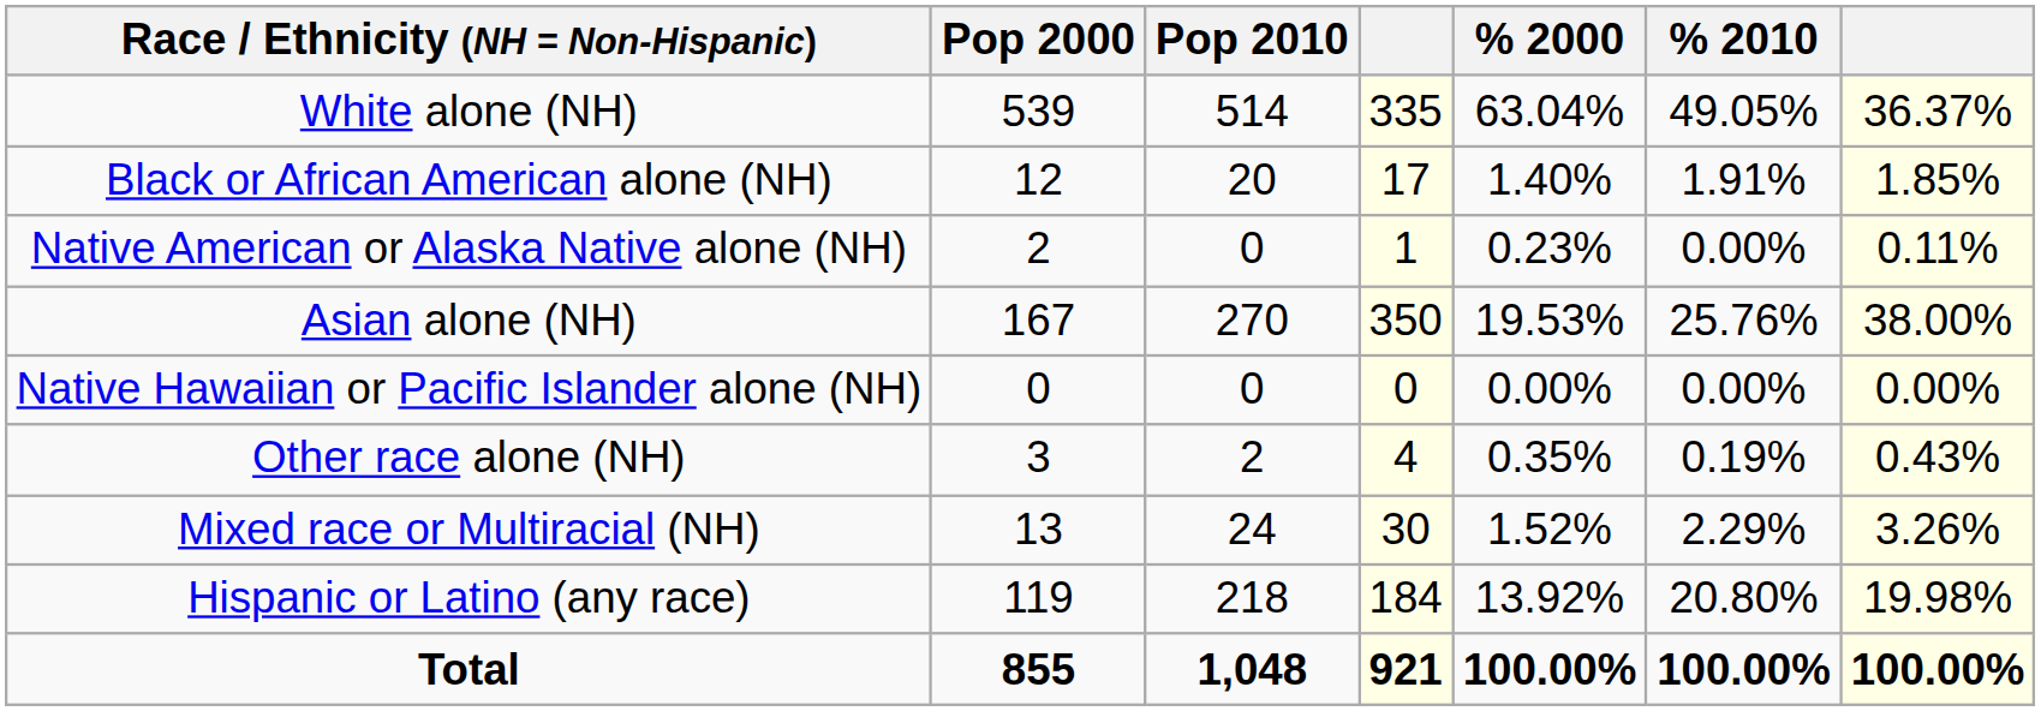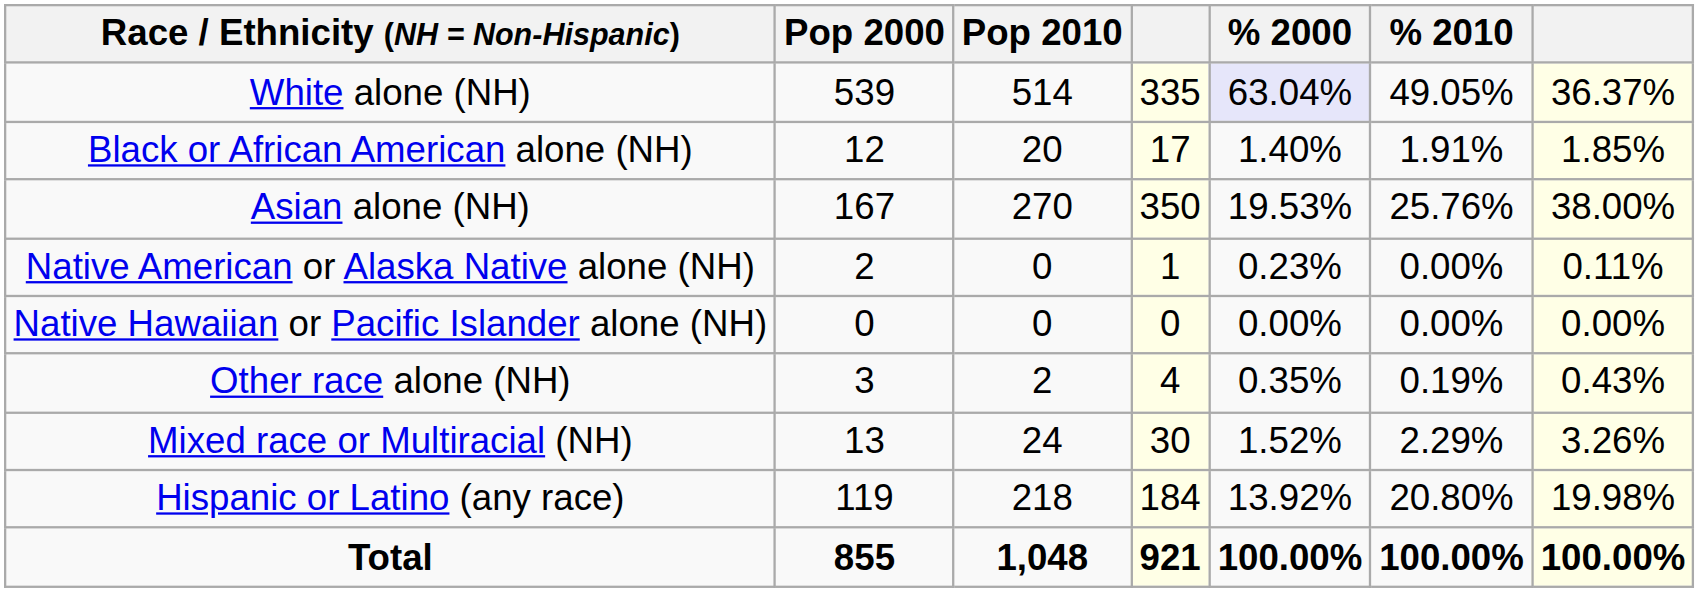 <table class="wikitable" style="text-align:center;">
 <tr>
 <th>Race / Ethnicity <small>(<em>NH = Non-Hispanic</em>)</small></th>
 <th>Pop 2000</th>
 <th>Pop 2010</th>
 <th></th>
 <th>% 2000</th>
 <th>% 2010</th>
 <th></th>
 </tr>
 <tr>
 <td><a href='#'>White</a> alone (NH)</td>
 <td>539</td>
 <td>514</td>
 <td style='background: #ffffe6;'>335</td>
-<td>63.04%</td>
+<td style="background: lavender;">63.04%</td>
 <td>49.05%</td>
 <td style='background: #ffffe6;'>36.37%</td>
 </tr>
 <tr>
 <td><a href='#'>Black or African American</a> alone (NH)</td>
 <td>12</td>
 <td>20</td>
 <td style='background: #ffffe6;'>17</td>
 <td>1.40%</td>
 <td>1.91%</td>
 <td style='background: #ffffe6;'>1.85%</td>
 </tr>
 <tr>
+<td><a href='#'>Asian</a> alone (NH)</td>
+<td>167</td>
+<td>270</td>
+<td style='background: #ffffe6;'>350</td>
+<td>19.53%</td>
+<td>25.76%</td>
+<td style='background: #ffffe6;'>38.00%</td>
+</tr>
+<tr>
 <td><a href='#'>Native American</a> or <a href='#'>Alaska Native</a> alone (NH)</td>
 <td>2</td>
 <td>0</td>
 <td style='background: #ffffe6;'>1</td>
 <td>0.23%</td>
 <td>0.00%</td>
 <td style='background: #ffffe6;'>0.11%</td>
-</tr>
-<tr>
-<td><a href='#'>Asian</a> alone (NH)</td>
-<td>167</td>
-<td>270</td>
-<td style='background: #ffffe6;'>350</td>
-<td>19.53%</td>
-<td>25.76%</td>
-<td style='background: #ffffe6;'>38.00%</td>
 </tr>
 <tr>
 <td><a href='#'>Native Hawaiian</a> or <a href='#'>Pacific Islander</a> alone (NH)</td>
 <td>0</td>
 <td>0</td>
 <td style='background: #ffffe6;'>0</td>
 <td>0.00%</td>
 <td>0.00%</td>
 <td style='background: #ffffe6;'>0.00%</td>
 </tr>
 <tr>
 <td><a href='#'>Other race</a> alone (NH)</td>
 <td>3</td>
 <td>2</td>
 <td style='background: #ffffe6;'>4</td>
 <td>0.35%</td>
 <td>0.19%</td>
 <td style='background: #ffffe6;'>0.43%</td>
 </tr>
 <tr>
 <td><a href='#'>Mixed race or Multiracial</a> (NH)</td>
 <td>13</td>
 <td>24</td>
 <td style='background: #ffffe6;'>30</td>
 <td>1.52%</td>
 <td>2.29%</td>
 <td style='background: #ffffe6;'>3.26%</td>
 </tr>
 <tr>
 <td><a href='#'>Hispanic or Latino</a> (any race)</td>
 <td>119</td>
 <td>218</td>
 <td style='background: #ffffe6;'>184</td>
 <td>13.92%</td>
 <td>20.80%</td>
 <td style='background: #ffffe6;'>19.98%</td>
 </tr>
 <tr>
 <td><strong>Total</strong></td>
 <td><strong>855</strong></td>
 <td><strong>1,048</strong></td>
 <td style='background: #ffffe6;'><strong>921</strong></td>
 <td><strong>100.00%</strong></td>
 <td><strong>100.00%</strong></td>
 <td style='background: #ffffe6;'><strong>100.00%</strong></td>
 </tr>
 </table>
